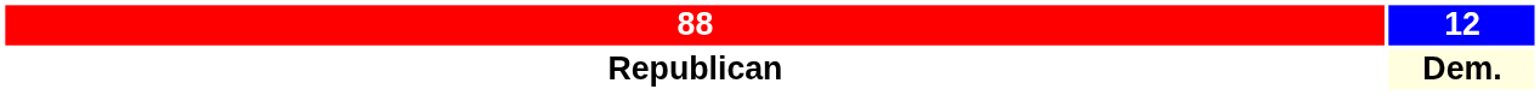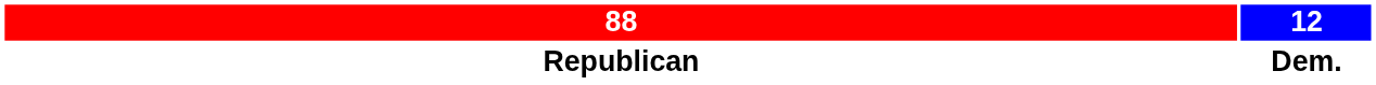 <table style="width:60%; text-align:center;">
 <tr style="color:white;">
 <td style="background:red; width:85.0%;"><strong>88</strong></td>
 <td style="background:blue; width:9.0%;"><strong>12</strong></td>
 </tr>
 <tr>
 <td><span><strong>Republican</strong></span></td>
-<td style="background: lightyellow;"><span><strong>Dem.</strong></span></td>
+<td><span><strong>Dem.</strong></span></td>
 </tr>
 </table>
